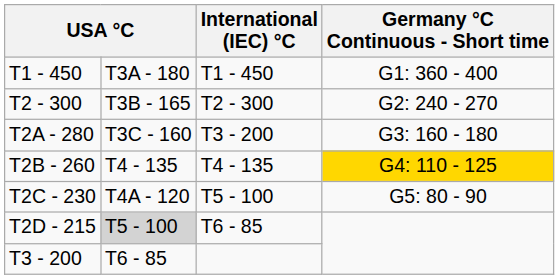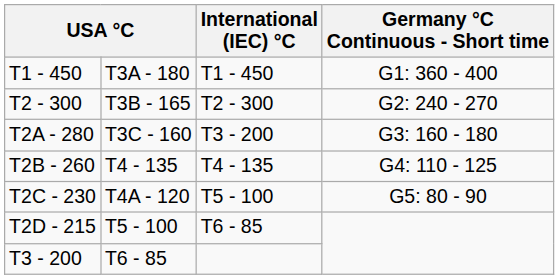 <table class="wikitable">
 <tr>
 <th colspan="2">USA °C</th>
 <th>International<br>(IEC) °C</th>
 <th>Germany °C<br>Continuous - Short time</th>
 </tr>
 <tr>
 <td>T1  - 450</td>
 <td>T3A - 180</td>
 <td>T1 - 450</td>
 <td align="center">G1: 360 - 400</td>
 </tr>
 <tr>
 <td>T2  - 300</td>
 <td>T3B - 165</td>
 <td>T2 - 300</td>
 <td align="center">G2: 240 - 270</td>
 </tr>
 <tr>
 <td>T2A - 280</td>
 <td>T3C - 160</td>
 <td>T3 - 200</td>
 <td align="center">G3: 160 - 180</td>
 </tr>
 <tr>
 <td>T2B - 260</td>
 <td>T4  - 135</td>
 <td>T4 - 135</td>
-<td align="center" style="background: gold;">G4: 110 - 125</td>
+<td align="center">G4: 110 - 125</td>
 </tr>
 <tr>
 <td>T2C - 230</td>
 <td>T4A - 120</td>
 <td>T5 - 100</td>
 <td align="center">G5: 80  -  90</td>
 </tr>
 <tr>
 <td>T2D - 215</td>
-<td style="background: lightgrey;">T5  - 100</td>
+<td>T5  - 100</td>
 <td>T6 - 85</td>
 </tr>
 <tr>
 <td>T3  - 200</td>
 <td>T6  -  85</td>
 <td> </td>
 </tr>
 </table>
